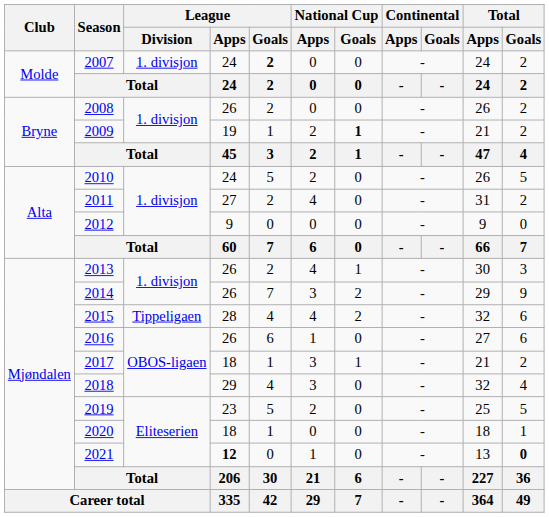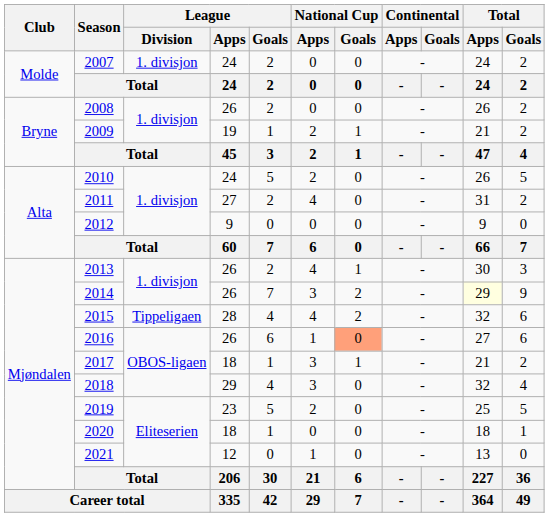 <table class="wikitable" style="text-align: center;">
 <tr>
 <th rowspan="2">Club</th>
 <th rowspan="2">Season</th>
 <th colspan="3">League</th>
 <th colspan="2">National Cup</th>
 <th colspan="2">Continental</th>
 <th colspan="2">Total</th>
 </tr>
 <tr>
 <th>Division</th>
 <th>Apps</th>
 <th>Goals</th>
 <th>Apps</th>
 <th>Goals</th>
 <th>Apps</th>
 <th>Goals</th>
 <th>Apps</th>
 <th>Goals</th>
 </tr>
 <tr>
 <td rowspan="2"><a href='#'>Molde</a></td>
 <td><a href='#'>2007</a></td>
 <td rowspan="1"><a href='#'>1. divisjon</a></td>
 <td>24</td>
-<td><strong>2</strong></td>
+<td>2</td>
 <td>0</td>
 <td>0</td>
 <td colspan="2">-</td>
 <td>24</td>
 <td>2</td>
 </tr>
 <tr>
 <th colspan="2">Total</th>
 <th>24</th>
 <th>2</th>
 <th>0</th>
 <th>0</th>
 <th>-</th>
 <th>-</th>
 <th>24</th>
 <th>2</th>
 </tr>
 <tr>
 <td rowspan="3"><a href='#'>Bryne</a></td>
 <td><a href='#'>2008</a></td>
 <td rowspan="2"><a href='#'>1. divisjon</a></td>
 <td>26</td>
 <td>2</td>
 <td>0</td>
 <td>0</td>
 <td colspan="2">-</td>
 <td>26</td>
 <td>2</td>
 </tr>
 <tr>
 <td><a href='#'>2009</a></td>
 <td>19</td>
 <td>1</td>
 <td>2</td>
-<td><strong>1</strong></td>
+<td>1</td>
 <td colspan="2">-</td>
 <td>21</td>
 <td>2</td>
 </tr>
 <tr>
 <th colspan="2">Total</th>
 <th>45</th>
 <th>3</th>
 <th>2</th>
 <th>1</th>
 <th>-</th>
 <th>-</th>
 <th>47</th>
 <th>4</th>
 </tr>
 <tr>
 <td rowspan="4"><a href='#'>Alta</a></td>
 <td><a href='#'>2010</a></td>
 <td rowspan="3"><a href='#'>1. divisjon</a></td>
 <td>24</td>
 <td>5</td>
 <td>2</td>
 <td>0</td>
 <td colspan="2">-</td>
 <td>26</td>
 <td>5</td>
 </tr>
 <tr>
 <td><a href='#'>2011</a></td>
 <td>27</td>
 <td>2</td>
 <td>4</td>
 <td>0</td>
 <td colspan="2">-</td>
 <td>31</td>
 <td>2</td>
 </tr>
 <tr>
 <td><a href='#'>2012</a></td>
 <td>9</td>
 <td>0</td>
 <td>0</td>
 <td>0</td>
 <td colspan="2">-</td>
 <td>9</td>
 <td>0</td>
 </tr>
 <tr>
 <th colspan="2">Total</th>
 <th>60</th>
 <th>7</th>
 <th>6</th>
 <th>0</th>
 <th>-</th>
 <th>-</th>
 <th>66</th>
 <th>7</th>
 </tr>
 <tr>
 <td rowspan="10"><a href='#'>Mjøndalen</a></td>
 <td><a href='#'>2013</a></td>
 <td rowspan="2"><a href='#'>1. divisjon</a></td>
 <td>26</td>
 <td>2</td>
 <td>4</td>
 <td>1</td>
 <td colspan="2">-</td>
 <td>30</td>
 <td>3</td>
 </tr>
 <tr>
 <td><a href='#'>2014</a></td>
 <td>26</td>
 <td>7</td>
 <td>3</td>
 <td>2</td>
 <td colspan="2">-</td>
-<td>29</td>
+<td style="background: lightyellow;">29</td>
 <td>9</td>
 </tr>
 <tr>
 <td><a href='#'>2015</a></td>
 <td rowspan="1"><a href='#'>Tippeligaen</a></td>
 <td>28</td>
 <td>4</td>
 <td>4</td>
 <td>2</td>
 <td colspan="2">-</td>
 <td>32</td>
 <td>6</td>
 </tr>
 <tr>
 <td><a href='#'>2016</a></td>
 <td rowspan="3"><a href='#'>OBOS-ligaen</a></td>
 <td>26</td>
 <td>6</td>
 <td>1</td>
-<td>0</td>
+<td style="background: lightsalmon;">0</td>
 <td colspan="2">-</td>
 <td>27</td>
 <td>6</td>
 </tr>
 <tr>
 <td><a href='#'>2017</a></td>
 <td>18</td>
 <td>1</td>
 <td>3</td>
 <td>1</td>
 <td colspan="2">-</td>
 <td>21</td>
 <td>2</td>
 </tr>
 <tr>
 <td><a href='#'>2018</a></td>
 <td>29</td>
 <td>4</td>
 <td>3</td>
 <td>0</td>
 <td colspan="2">-</td>
 <td>32</td>
 <td>4</td>
 </tr>
 <tr>
 <td><a href='#'>2019</a></td>
 <td rowspan="3"><a href='#'>Eliteserien</a></td>
 <td>23</td>
 <td>5</td>
 <td>2</td>
 <td>0</td>
 <td colspan="2">-</td>
 <td>25</td>
 <td>5</td>
 </tr>
 <tr>
 <td><a href='#'>2020</a></td>
 <td>18</td>
 <td>1</td>
 <td>0</td>
 <td>0</td>
 <td colspan="2">-</td>
 <td>18</td>
 <td>1</td>
 </tr>
 <tr>
 <td><a href='#'>2021</a></td>
-<td><strong>12</strong></td>
+<td>12</td>
 <td>0</td>
 <td>1</td>
 <td>0</td>
 <td colspan="2">-</td>
 <td>13</td>
-<td><strong>0</strong></td>
+<td>0</td>
 </tr>
 <tr>
 <th colspan="2">Total</th>
 <th>206</th>
 <th>30</th>
 <th>21</th>
 <th>6</th>
 <th>-</th>
 <th>-</th>
 <th>227</th>
 <th>36</th>
 </tr>
 <tr>
 <th colspan="3">Career total</th>
 <th>335</th>
 <th>42</th>
 <th>29</th>
 <th>7</th>
 <th>-</th>
 <th>-</th>
 <th>364</th>
 <th>49</th>
 </tr>
 </table>
